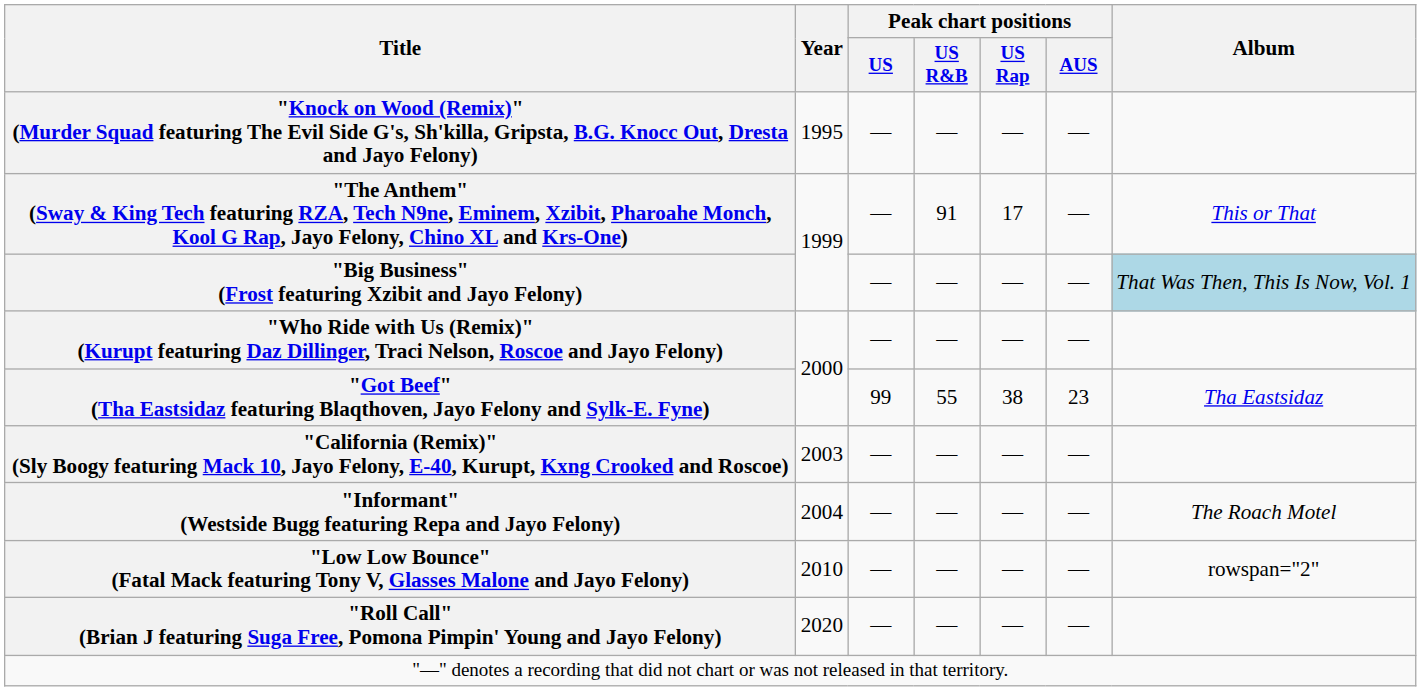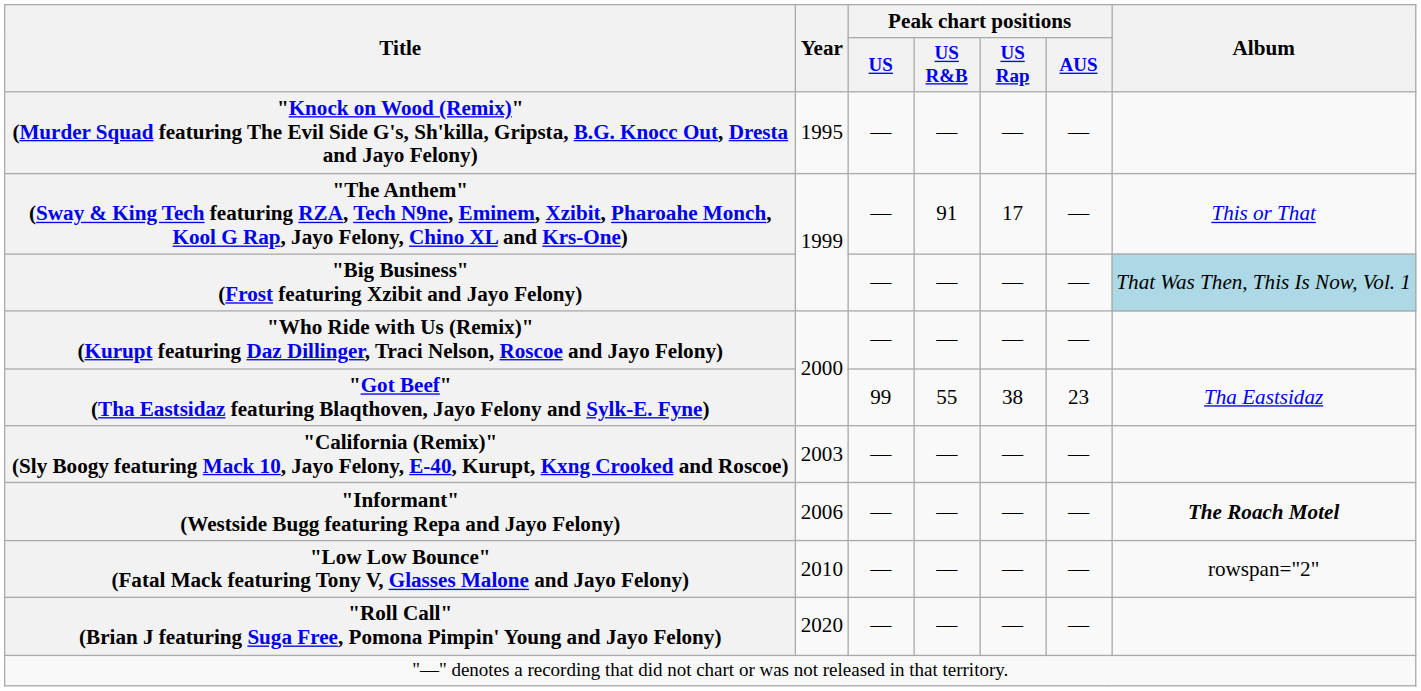 <table class="wikitable plainrowheaders" style="text-align:center;">
 <tr>
 <th scope="col" rowspan="2" style="width:37em;">Title</th>
 <th scope="col" rowspan="2" style="width:2em;">Year</th>
 <th scope="col" colspan="4">Peak chart positions</th>
 <th scope="col" rowspan="2">Album</th>
 </tr>
 <tr>
 <th scope="col" style="width:3em;font-size:90%;"><a href='#'>US</a><br></th>
 <th scope="col" style="width:3em;font-size:90%;"><a href='#'>US R&B</a><br></th>
 <th scope="col" style="width:3em;font-size:90%;"><a href='#'>US Rap</a><br></th>
 <th scope="col" style="width:3em;font-size:90%;"><a href='#'>AUS</a><br></th>
 </tr>
 <tr>
 <th scope="row">"<a href='#'>Knock on Wood (Remix)</a>"<br><span>(<a href='#'>Murder Squad</a> featuring The Evil Side G's, Sh'killa, Gripsta, <a href='#'>B.G. Knocc Out</a>, <a href='#'>Dresta</a> and Jayo Felony)</span></th>
 <td rowspan="1">1995</td>
 <td>—</td>
 <td>—</td>
 <td>—</td>
 <td>—</td>
 <td></td>
 </tr>
 <tr>
 <th scope="row">"The Anthem"<br><span>(<a href='#'>Sway & King Tech</a> featuring <a href='#'>RZA</a>, <a href='#'>Tech N9ne</a>, <a href='#'>Eminem</a>, <a href='#'>Xzibit</a>, <a href='#'>Pharoahe Monch</a>, <a href='#'>Kool G Rap</a>, Jayo Felony, <a href='#'>Chino XL</a> and <a href='#'>Krs-One</a>)</span></th>
 <td rowspan="2">1999</td>
 <td>—</td>
 <td>91</td>
 <td>17</td>
 <td>—</td>
 <td><em><a href='#'>This or That</a></em></td>
 </tr>
 <tr>
 <th scope="row">"Big Business"<br><span>(<a href='#'>Frost</a> featuring Xzibit and Jayo Felony)</span></th>
 <td>—</td>
 <td>—</td>
 <td>—</td>
 <td>—</td>
 <td style="background: lightblue;"><em>That Was Then, This Is Now, Vol. 1</em></td>
 </tr>
 <tr>
 <th scope="row">"Who Ride with Us (Remix)"<br><span>(<a href='#'>Kurupt</a> featuring <a href='#'>Daz Dillinger</a>, Traci Nelson, <a href='#'>Roscoe</a> and Jayo Felony)</span></th>
 <td rowspan="2">2000</td>
 <td>—</td>
 <td>—</td>
 <td>—</td>
 <td>—</td>
 <td></td>
 </tr>
 <tr>
 <th scope="row">"<a href='#'>Got Beef</a>"<br><span>(<a href='#'>Tha Eastsidaz</a> featuring Blaqthoven, Jayo Felony and <a href='#'>Sylk-E. Fyne</a>)</span></th>
 <td>99</td>
 <td>55</td>
 <td>38</td>
 <td>23</td>
 <td><em><a href='#'>Tha Eastsidaz</a></em></td>
 </tr>
 <tr>
 <th scope="row">"California (Remix)"<br><span>(Sly Boogy featuring <a href='#'>Mack 10</a>, Jayo Felony, <a href='#'>E-40</a>, Kurupt, <a href='#'>Kxng Crooked</a> and Roscoe)</span></th>
 <td>2003</td>
 <td>—</td>
 <td>—</td>
 <td>—</td>
 <td>—</td>
 <td></td>
 </tr>
 <tr>
 <th scope="row">"Informant"<br><span>(Westside Bugg featuring Repa and Jayo Felony)</span></th>
-<td>2004</td>
+<td>2006</td>
 <td>—</td>
 <td>—</td>
 <td>—</td>
 <td>—</td>
-<td><em>The Roach Motel</em></td>
+<td><strong><em>The Roach Motel</em></strong></td>
 </tr>
 <tr>
 <th scope="row">"Low Low Bounce"<br><span>(Fatal Mack featuring Tony V, <a href='#'>Glasses Malone</a> and Jayo Felony)</span></th>
 <td>2010</td>
 <td>—</td>
 <td>—</td>
 <td>—</td>
 <td>—</td>
 <td>rowspan="2" </td>
 </tr>
 <tr>
 <th scope="row">"Roll Call"<br><span>(Brian J featuring <a href='#'>Suga Free</a>, Pomona Pimpin' Young and Jayo Felony)</span></th>
 <td>2020</td>
 <td>—</td>
 <td>—</td>
 <td>—</td>
 <td>—</td>
 </tr>
 <tr>
 <td colspan="13" style="font-size:90%">"—" denotes a recording that did not chart or was not released in that territory.</td>
 </tr>
 </table>
